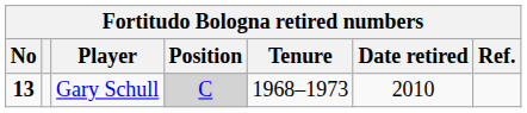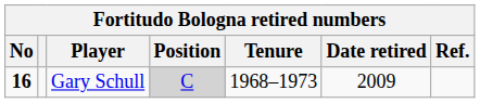 <table class="wikitable sortable" style="text-align:center">
 <tr>
 <th colspan="7">Fortitudo Bologna retired numbers</th>
 </tr>
 <tr>
 <th>No</th>
 <th></th>
 <th>Player</th>
 <th>Position</th>
 <th>Tenure</th>
 <th>Date retired</th>
 <th>Ref.</th>
 </tr>
 <tr>
-<td><strong>13</strong></td>
+<td><strong>16</strong></td>
 <td></td>
 <td><a href='#'>Gary Schull</a></td>
 <td style="background: lightgrey;"><a href='#'>C</a></td>
 <td>1968–1973</td>
-<td>2010</td>
+<td>2009</td>
 <td></td>
 </tr>
 </table>
